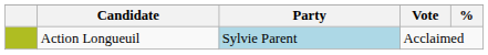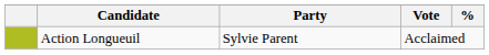 <table class="wikitable">
 <tr>
 </tr>
 <tr>
 <th bgcolor="#DDDDFF" width="30px"></th>
 <th bgcolor="#DDDDFF" width="200px">Candidate</th>
 <th bgcolor="#DDDDFF" width="200px">Party</th>
 <th bgcolor="#DDDDFF" width="50px">Vote</th>
 <th bgcolor="#DDDDFF" width="30px">%</th>
 </tr>
 <tr>
 <td bgcolor=#AFBD22 width="30px"> </td>
 <td>Action Longueuil</td>
-<td style="background: lightblue;">Sylvie Parent</td>
+<td>Sylvie Parent</td>
 <td colspan="2">Acclaimed</td>
 </tr>
 </table>
